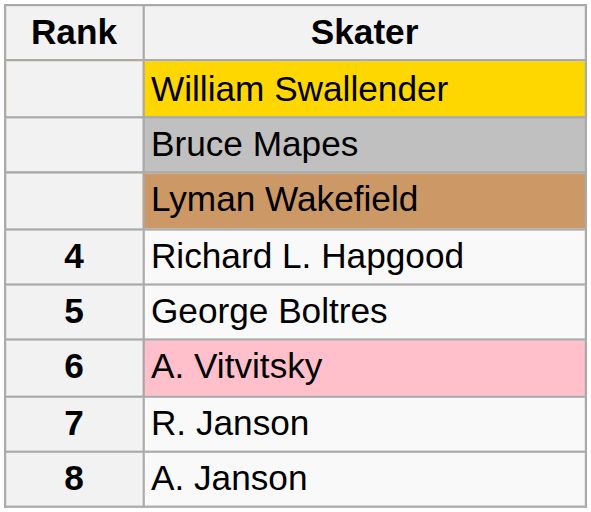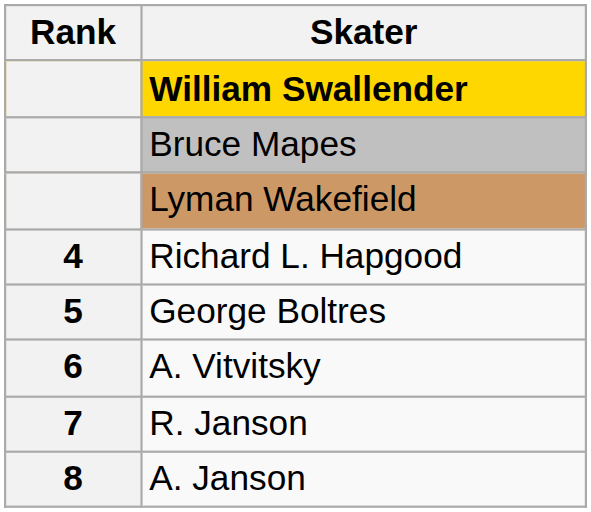 <table class="wikitable unsortable" style="text-align:left; width:30%">
 <tr>
 <th scope="col">Rank</th>
 <th scope="col">Skater</th>
 </tr>
 <tr bgcolor="gold">
 <th scope="row"></th>
-<td>William Swallender</td>
+<td><strong>William Swallender</strong></td>
 </tr>
 <tr bgcolor="silver">
 <th scope="row"></th>
 <td>Bruce Mapes</td>
 </tr>
 <tr bgcolor="cc9966">
 <th scope="row"></th>
 <td>Lyman Wakefield</td>
 </tr>
 <tr>
 <th scope="row">4</th>
 <td>Richard L. Hapgood</td>
 </tr>
 <tr>
 <th scope="row">5</th>
 <td>George Boltres</td>
 </tr>
 <tr>
 <th scope="row">6</th>
-<td style="background: pink;">A. Vitvitsky</td>
+<td>A. Vitvitsky</td>
 </tr>
 <tr>
 <th scope="row">7</th>
 <td>R. Janson</td>
 </tr>
 <tr>
 <th scope="row">8</th>
 <td>A. Janson</td>
 </tr>
 </table>
